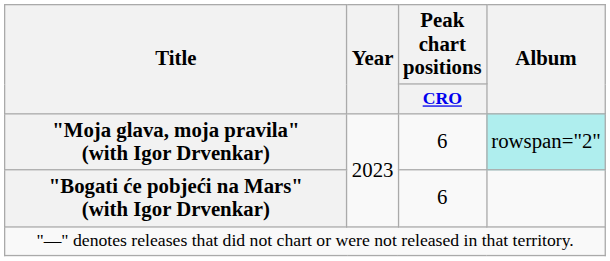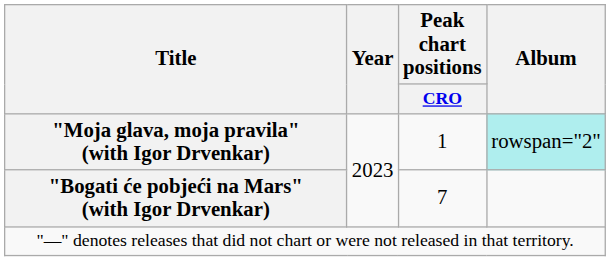 <table class="wikitable plainrowheaders" style="text-align:center;">
 <tr>
 <th scope="col" rowspan="2" style="width:16em;">Title</th>
 <th scope="col" rowspan="2" style="width:1em;">Year</th>
 <th scope="col" colspan="1">Peak chart positions</th>
 <th scope="col" rowspan="2">Album</th>
 </tr>
 <tr>
 <th scope="col" style="width:3em;font-size:85%;"><a href='#'>CRO</a><br></th>
 </tr>
 <tr>
 <th scope="row">"Moja glava, moja pravila"<br><span>(with Igor Drvenkar)</span></th>
 <td rowspan="2">2023</td>
-<td>6</td>
+<td>1</td>
 <td style="background: paleturquoise;">rowspan="2" </td>
 </tr>
 <tr>
 <th scope="row">"Bogati će pobjeći na Mars"<br><span>(with Igor Drvenkar)</span></th>
-<td>6</td>
+<td>7</td>
 </tr>
 <tr>
 <td colspan="22" style="text-align:center; font-size:85%;">"—" denotes releases that did not chart or were not released in that territory.</td>
 </tr>
 </table>
